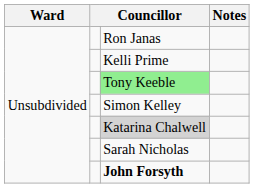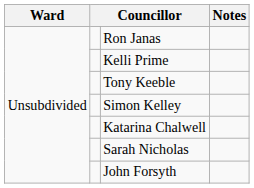 <table class="wikitable">
 <tr>
 <th>Ward</th>
 <th colspan="2">Councillor</th>
 <th>Notes</th>
 </tr>
 <tr>
 <td rowspan="7">Unsubdivided</td>
 <td> </td>
 <td>Ron Janas</td>
 <td></td>
 </tr>
 <tr>
 <td> </td>
 <td>Kelli Prime</td>
 <td></td>
 </tr>
 <tr>
 <td> </td>
-<td style="background: lightgreen;">Tony Keeble</td>
+<td>Tony Keeble</td>
 <td></td>
 </tr>
 <tr>
 <td> </td>
 <td>Simon Kelley</td>
 <td></td>
 </tr>
 <tr>
 <td> </td>
-<td style="background: lightgrey;">Katarina Chalwell</td>
+<td>Katarina Chalwell</td>
 <td></td>
 </tr>
 <tr>
 <td> </td>
 <td>Sarah Nicholas</td>
 <td></td>
 </tr>
 <tr>
 <td> </td>
-<td><strong>John Forsyth</strong></td>
+<td>John Forsyth</td>
 <td></td>
 </tr>
 </table>
